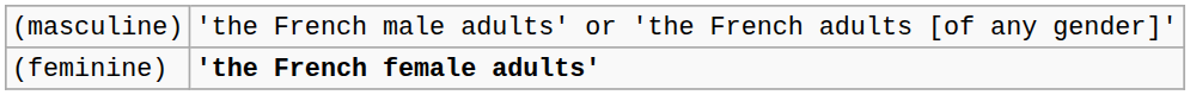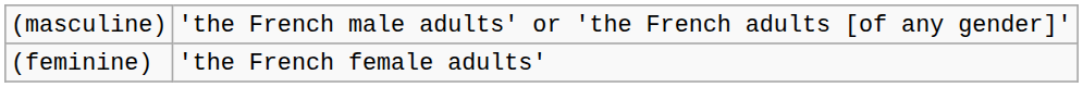 <table class="wikitable">
 <tr>
 <td> (masculine)</td>
 <td>'the French male adults' or 'the French adults [of any gender]'</td>
 </tr>
 <tr>
 <td> (feminine)</td>
-<td><strong>'the French female adults'</strong></td>
+<td>'the French female adults'</td>
 </tr>
 </table>
